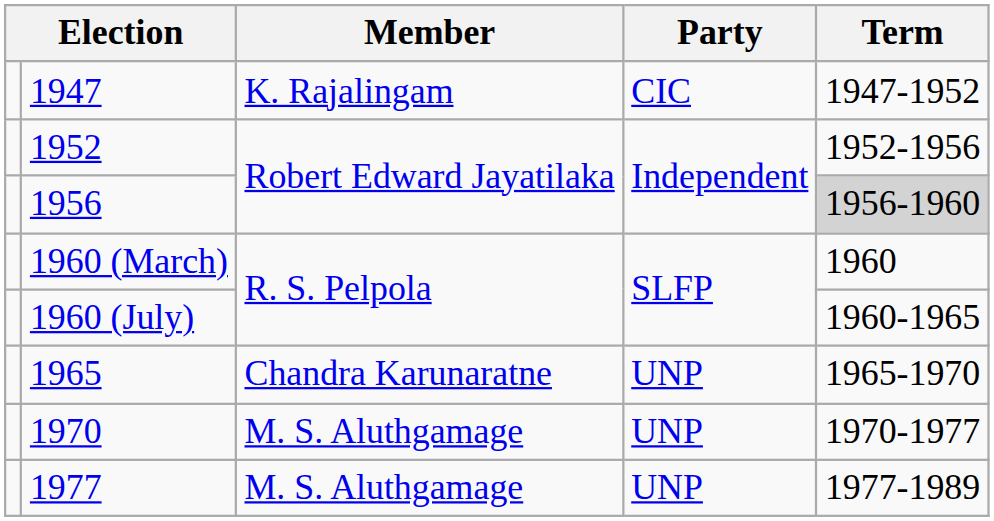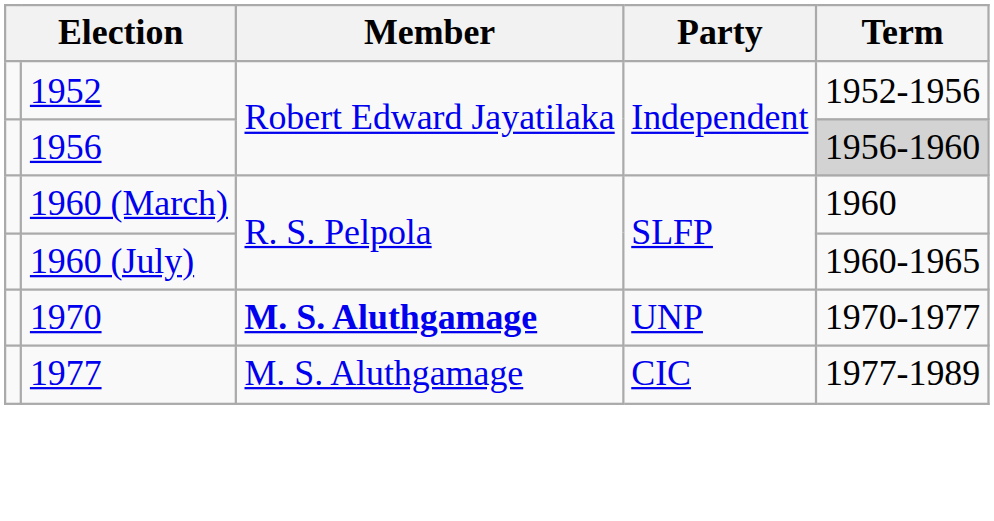 <table class="wikitable">
 <tr>
 <th colspan="2">Election</th>
 <th>Member</th>
 <th>Party</th>
 <th>Term</th>
-</tr>
-<tr>
-<td style="background-color: "></td>
-<td><a href='#'>1947</a></td>
-<td><a href='#'>K. Rajalingam</a></td>
-<td><a href='#'>CIC</a></td>
-<td>1947-1952</td>
 </tr>
 <tr>
 <td style="background:"></td>
 <td><a href='#'>1952</a></td>
 <td rowspan=2><a href='#'>Robert Edward Jayatilaka</a></td>
 <td rowspan=2><a href='#'>Independent</a></td>
 <td>1952-1956</td>
 </tr>
 <tr>
 <td style="background:"></td>
 <td><a href='#'>1956</a></td>
 <td style="background: lightgrey;">1956-1960</td>
 </tr>
 <tr>
 <td style="background-color: "></td>
 <td><a href='#'>1960 (March)</a></td>
 <td rowspan=2><a href='#'>R. S. Pelpola</a></td>
 <td rowspan=2><a href='#'>SLFP</a></td>
 <td>1960</td>
 </tr>
 <tr>
 <td style="background-color: "></td>
 <td><a href='#'>1960 (July)</a></td>
 <td>1960-1965</td>
 </tr>
 <tr>
 <td style="background-color: "></td>
-<td><a href='#'>1965</a></td>
-<td><a href='#'>Chandra Karunaratne</a></td>
-<td><a href='#'>UNP</a></td>
-<td>1965-1970</td>
-</tr>
-<tr>
-<td style="background-color: "></td>
 <td><a href='#'>1970</a></td>
-<td><a href='#'>M. S. Aluthgamage</a></td>
+<td><strong><a href='#'>M. S. Aluthgamage</a></strong></td>
 <td><a href='#'>UNP</a></td>
 <td>1970-1977</td>
 </tr>
 <tr>
 <td style="background-color: "></td>
 <td><a href='#'>1977</a></td>
 <td><a href='#'>M. S. Aluthgamage</a></td>
-<td><a href='#'>UNP</a></td>
+<td><a href='#'>CIC</a></td>
 <td>1977-1989</td>
 </tr>
 </table>
